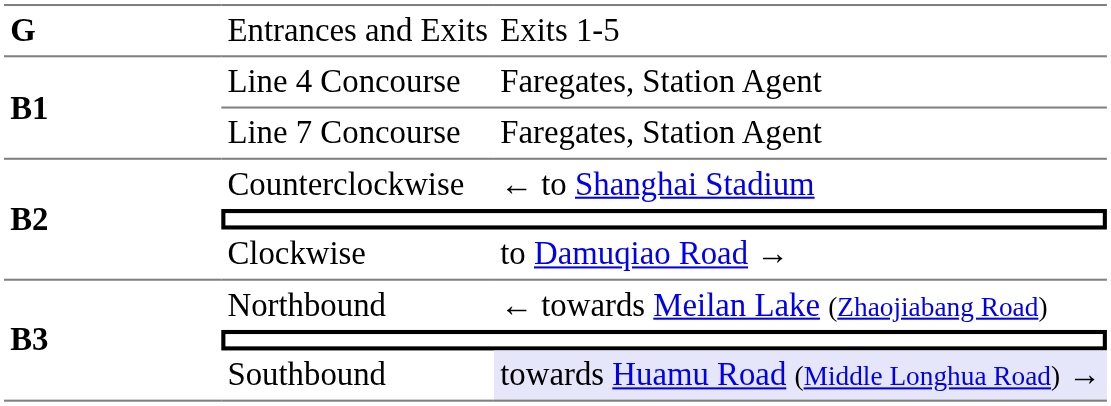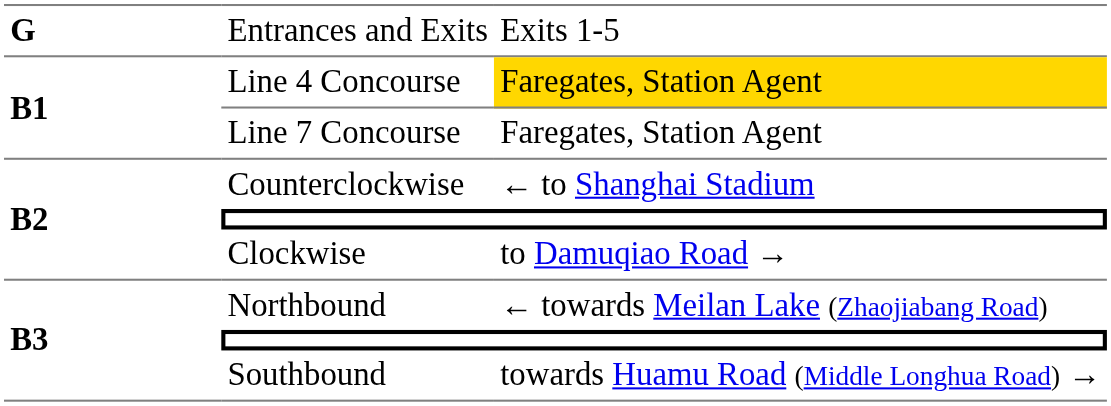 <table cellspacing=0 cellpadding=3>
 <tr>
 <td style="border-top:solid 1px gray;border-bottom:solid 1px gray;" width=100><strong>G</strong></td>
 <td style="border-top:solid 1px gray;border-bottom:solid 1px gray;">Entrances and Exits</td>
 <td style="border-top:solid 1px gray;border-bottom:solid 1px gray;">Exits 1-5</td>
 </tr>
 <tr>
 <td style="border-bottom:solid 1px gray;" rowspan=2><strong>B1</strong></td>
 <td style="border-bottom:solid 1px gray;">Line 4 Concourse</td>
-<td style="border-bottom:solid 1px gray;">Faregates, Station Agent</td>
+<td style="background: gold; border-bottom:solid 1px gray;">Faregates, Station Agent</td>
 </tr>
 <tr>
 <td style="border-bottom:solid 1px gray;">Line 7 Concourse</td>
 <td style="border-bottom:solid 1px gray;">Faregates, Station Agent</td>
 </tr>
 <tr>
 <td style="border-bottom:solid 1px gray;" rowspan=3><strong>B2</strong></td>
 <td>Counterclockwise</td>
 <td>←  to <a href='#'>Shanghai Stadium</a></td>
 </tr>
 <tr>
 <td style="border-right:solid 2px black;border-left:solid 2px black;border-top:solid 2px black;border-bottom:solid 2px black;" colspan=2></td>
 </tr>
 <tr>
 <td style="border-bottom:solid 1px gray;">Clockwise</td>
 <td style="border-bottom:solid 1px gray;">  to <a href='#'>Damuqiao Road</a> →</td>
 </tr>
 <tr>
 <td style="border-bottom:solid 1px gray;" rowspan=3><strong>B3</strong></td>
 <td>Northbound</td>
 <td>←  towards <a href='#'>Meilan Lake</a> <small>(<a href='#'>Zhaojiabang Road</a>)</small></td>
 </tr>
 <tr>
 <td style="border-right:solid 2px black;border-left:solid 2px black;border-top:solid 2px black;border-bottom:solid 2px black;" colspan=2></td>
 </tr>
 <tr>
 <td style="border-bottom:solid 1px gray;">Southbound</td>
-<td style="background: lavender; border-bottom:solid 1px gray;">  towards <a href='#'>Huamu Road</a> <small>(<a href='#'>Middle Longhua Road</a>)</small> →</td>
+<td style="border-bottom:solid 1px gray;">  towards <a href='#'>Huamu Road</a> <small>(<a href='#'>Middle Longhua Road</a>)</small> →</td>
 </tr>
 </table>
